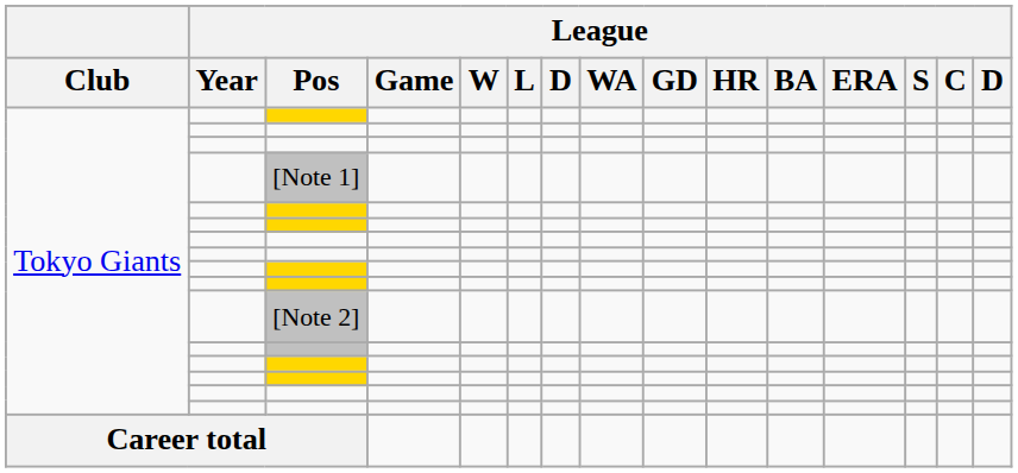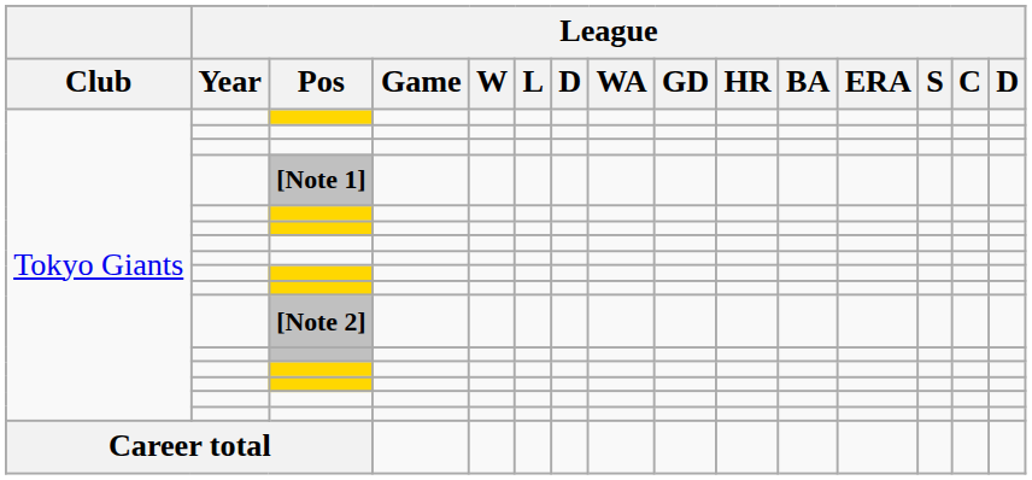 <table class="wikitable" style="text-align:center;font-size:86%;">
 <tr>
 <th></th>
 <th colspan="16">League</th>
 </tr>
 <tr>
 <th>Club</th>
 <th>Year</th>
 <th>Pos</th>
 <th>Game</th>
 <th>W</th>
 <th>L</th>
 <th>D</th>
 <th>WA</th>
 <th>GD</th>
 <th>HR</th>
 <th>BA</th>
 <th>ERA</th>
 <th>S</th>
 <th>C</th>
 <th>D</th>
 </tr>
 <tr>
 <td rowspan="16"><a href='#'>Tokyo Giants</a></td>
 <td></td>
 <td bgcolor="gold"><strong></strong></td>
 <td></td>
 <td></td>
 <td></td>
 <td></td>
 <td></td>
 <td></td>
 <td></td>
 <td></td>
 <td></td>
 <td></td>
 <td></td>
 <td></td>
 </tr>
 <tr>
 <td></td>
 <td></td>
 <td></td>
 <td></td>
 <td></td>
 <td></td>
 <td></td>
 <td></td>
 <td></td>
 <td></td>
 <td></td>
 <td></td>
 <td></td>
 <td></td>
 </tr>
 <tr>
 <td></td>
 <td></td>
 <td></td>
 <td></td>
 <td></td>
 <td></td>
 <td></td>
 <td></td>
 <td></td>
 <td></td>
 <td></td>
 <td></td>
 <td></td>
 <td></td>
 </tr>
 <tr>
 <td></td>
-<td bgcolor="silver"><small>[Note 1]</small></td>
+<td bgcolor="silver"><strong><small>[Note 1]</small></strong></td>
 <td></td>
 <td></td>
 <td></td>
 <td></td>
 <td></td>
 <td></td>
 <td></td>
 <td></td>
 <td></td>
 <td></td>
 <td></td>
 <td></td>
 </tr>
 <tr>
 <td></td>
 <td bgcolor="gold"></td>
 <td></td>
 <td></td>
 <td></td>
 <td></td>
 <td></td>
 <td></td>
 <td></td>
 <td></td>
 <td></td>
 <td></td>
 <td></td>
 <td></td>
 </tr>
 <tr>
 <td></td>
 <td bgcolor="gold"><strong></strong></td>
 <td></td>
 <td></td>
 <td></td>
 <td></td>
 <td></td>
 <td></td>
 <td></td>
 <td></td>
 <td></td>
 <td></td>
 <td></td>
 <td></td>
 </tr>
 <tr>
 <td></td>
 <td></td>
 <td></td>
 <td></td>
 <td></td>
 <td></td>
 <td></td>
 <td></td>
 <td></td>
 <td></td>
 <td></td>
 <td></td>
 <td></td>
 <td></td>
 </tr>
 <tr>
 <td></td>
 <td></td>
 <td></td>
 <td></td>
 <td></td>
 <td></td>
 <td></td>
 <td></td>
 <td></td>
 <td></td>
 <td></td>
 <td></td>
 <td></td>
 <td></td>
 </tr>
 <tr>
 <td></td>
 <td bgcolor="gold"><strong></strong></td>
 <td></td>
 <td></td>
 <td></td>
 <td></td>
 <td></td>
 <td></td>
 <td></td>
 <td></td>
 <td></td>
 <td></td>
 <td></td>
 <td></td>
 </tr>
 <tr>
 <td></td>
 <td bgcolor="gold"></td>
 <td></td>
 <td></td>
 <td></td>
 <td></td>
 <td></td>
 <td></td>
 <td></td>
 <td></td>
 <td></td>
 <td></td>
 <td></td>
 <td></td>
 </tr>
 <tr>
 <td></td>
-<td bgcolor="silver"><small>[Note 2]</small></td>
+<td bgcolor="silver"><strong><small>[Note 2]</small></strong></td>
 <td></td>
 <td></td>
 <td></td>
 <td></td>
 <td></td>
 <td></td>
 <td></td>
 <td></td>
 <td></td>
 <td></td>
 <td></td>
 <td></td>
 </tr>
 <tr>
 <td></td>
 <td bgcolor="silver"></td>
 <td></td>
 <td></td>
 <td></td>
 <td></td>
 <td></td>
 <td></td>
 <td></td>
 <td></td>
 <td></td>
 <td></td>
 <td></td>
 <td></td>
 </tr>
 <tr>
 <td></td>
 <td bgcolor="gold"></td>
 <td></td>
 <td></td>
 <td></td>
 <td></td>
 <td></td>
 <td></td>
 <td></td>
 <td></td>
 <td></td>
 <td></td>
 <td></td>
 <td></td>
 </tr>
 <tr>
 <td></td>
 <td bgcolor="gold"></td>
 <td></td>
 <td></td>
 <td></td>
 <td></td>
 <td></td>
 <td></td>
 <td></td>
 <td></td>
 <td></td>
 <td></td>
 <td></td>
 <td></td>
 </tr>
 <tr>
 <td></td>
 <td></td>
 <td></td>
 <td></td>
 <td></td>
 <td></td>
 <td></td>
 <td></td>
 <td></td>
 <td></td>
 <td></td>
 <td></td>
 <td></td>
 <td></td>
 </tr>
 <tr>
 <td></td>
 <td></td>
 <td></td>
 <td></td>
 <td></td>
 <td></td>
 <td></td>
 <td></td>
 <td></td>
 <td></td>
 <td></td>
 <td></td>
 <td></td>
 <td></td>
 </tr>
 <tr>
 <th colspan="3">Career total</th>
 <td></td>
 <td></td>
 <td></td>
 <td></td>
 <td></td>
 <td></td>
 <td></td>
 <td></td>
 <td></td>
 <td></td>
 <td></td>
 <td></td>
 </tr>
 </table>
